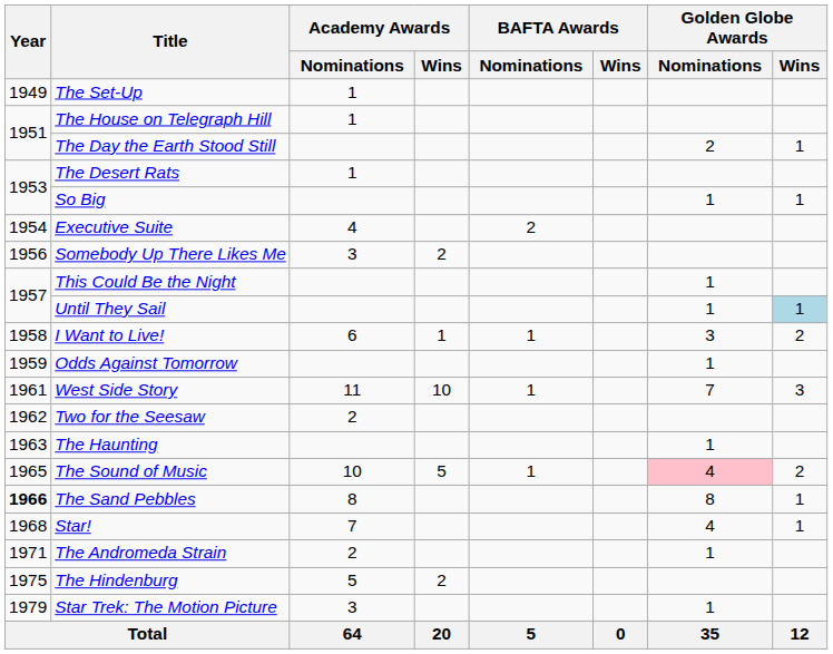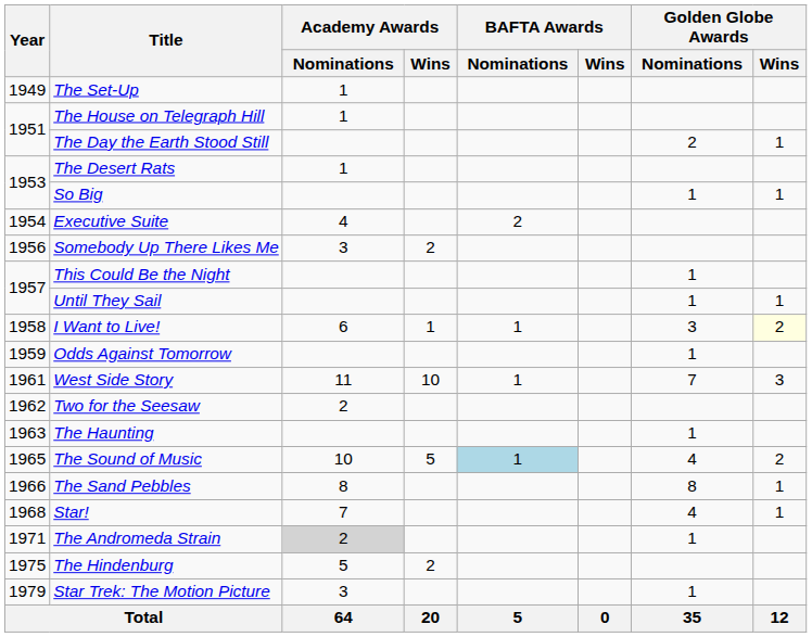 <table class="wikitable">
 <tr>
 <th rowspan="2">Year</th>
 <th rowspan="2">Title</th>
 <th colspan="2" style="text-align:center;" width=160>Academy Awards</th>
 <th colspan="2" style="text-align:center;" width=160>BAFTA Awards</th>
 <th colspan="2" style="text-align:center;" width=160>Golden Globe Awards</th>
 </tr>
 <tr>
 <th>Nominations</th>
 <th>Wins</th>
 <th>Nominations</th>
 <th>Wins</th>
 <th>Nominations</th>
 <th>Wins</th>
 </tr>
 <tr>
 <td>1949</td>
 <td><em><a href='#'>The Set-Up</a></em></td>
 <td align=center>1</td>
 <td></td>
 <td></td>
 <td></td>
 <td></td>
 <td></td>
 </tr>
 <tr>
 <td rowspan=2>1951</td>
 <td><em><a href='#'>The House on Telegraph Hill</a></em></td>
 <td align=center>1</td>
 <td></td>
 <td></td>
 <td></td>
 <td></td>
 <td></td>
 </tr>
 <tr>
 <td><em><a href='#'>The Day the Earth Stood Still</a></em></td>
 <td></td>
 <td></td>
 <td></td>
 <td></td>
 <td align=center>2</td>
 <td align=center>1</td>
 </tr>
 <tr>
 <td rowspan=2>1953</td>
 <td><em><a href='#'>The Desert Rats</a></em></td>
 <td align=center>1</td>
 <td></td>
 <td></td>
 <td></td>
 <td></td>
 <td></td>
 </tr>
 <tr>
 <td><em><a href='#'>So Big</a></em></td>
 <td></td>
 <td></td>
 <td></td>
 <td></td>
 <td align=center>1</td>
 <td align=center>1</td>
 </tr>
 <tr>
 <td>1954</td>
 <td><em><a href='#'>Executive Suite</a></em></td>
 <td align=center>4</td>
 <td align=center></td>
 <td align=center>2</td>
 <td align=center></td>
 <td align=center></td>
 <td align=center></td>
 </tr>
 <tr>
 <td>1956</td>
 <td><em><a href='#'>Somebody Up There Likes Me</a></em></td>
 <td align=center>3</td>
 <td align=center>2</td>
 <td></td>
 <td></td>
 <td></td>
 <td></td>
 </tr>
 <tr>
 <td rowspan=2>1957</td>
 <td><em><a href='#'>This Could Be the Night</a></em></td>
 <td></td>
 <td></td>
 <td></td>
 <td></td>
 <td align=center>1</td>
 <td></td>
 </tr>
 <tr>
 <td><em><a href='#'>Until They Sail</a></em></td>
 <td></td>
 <td></td>
 <td></td>
 <td></td>
 <td align=center>1</td>
-<td align=center style="background: lightblue;">1</td>
+<td align=center>1</td>
 </tr>
 <tr>
 <td>1958</td>
 <td><em><a href='#'>I Want to Live!</a></em></td>
 <td align=center>6</td>
 <td align=center>1</td>
 <td align=center>1</td>
 <td></td>
 <td align=center>3</td>
-<td align=center>2</td>
+<td align=center style="background: lightyellow;">2</td>
 </tr>
 <tr>
 <td>1959</td>
 <td><em><a href='#'>Odds Against Tomorrow</a></em></td>
 <td></td>
 <td></td>
 <td></td>
 <td></td>
 <td align=center>1</td>
 <td></td>
 </tr>
 <tr>
 <td>1961</td>
 <td><em><a href='#'>West Side Story</a></em></td>
 <td align=center>11</td>
 <td align=center>10</td>
 <td align=center>1</td>
 <td align=center></td>
 <td align=center>7</td>
 <td align=center>3</td>
 </tr>
 <tr>
 <td>1962</td>
 <td><em><a href='#'>Two for the Seesaw</a></em></td>
 <td align=center>2</td>
 <td></td>
 <td></td>
 <td></td>
 <td></td>
 <td></td>
 </tr>
 <tr>
 <td>1963</td>
 <td><em><a href='#'>The Haunting</a></em></td>
 <td></td>
 <td></td>
 <td></td>
 <td></td>
 <td align=center>1</td>
 <td></td>
 </tr>
 <tr>
 <td>1965</td>
 <td><em><a href='#'>The Sound of Music</a></em></td>
 <td align=center>10</td>
 <td align=center>5</td>
-<td align=center>1</td>
+<td align=center style="background: lightblue;">1</td>
 <td></td>
-<td align=center style="background: pink;">4</td>
+<td align=center>4</td>
 <td align=center>2</td>
 </tr>
 <tr>
-<td><strong>1966</strong></td>
+<td>1966</td>
 <td><em><a href='#'>The Sand Pebbles</a></em></td>
 <td align=center>8</td>
 <td></td>
 <td></td>
 <td></td>
 <td align=center>8</td>
 <td align=center>1</td>
 </tr>
 <tr>
 <td>1968</td>
 <td><em><a href='#'>Star!</a></em></td>
 <td align=center>7</td>
 <td></td>
 <td></td>
 <td></td>
 <td align=center>4</td>
 <td align=center>1</td>
 </tr>
 <tr>
 <td>1971</td>
 <td><em><a href='#'>The Andromeda Strain</a></em></td>
-<td align=center>2</td>
+<td align=center style="background: lightgrey;">2</td>
 <td></td>
 <td></td>
 <td></td>
 <td align=center>1</td>
 <td></td>
 </tr>
 <tr>
 <td>1975</td>
 <td><em><a href='#'>The Hindenburg</a></em></td>
 <td align=center>5</td>
 <td align=center>2</td>
 <td></td>
 <td></td>
 <td></td>
 <td></td>
 </tr>
 <tr>
 <td>1979</td>
 <td><em><a href='#'>Star Trek: The Motion Picture</a></em></td>
 <td align=center>3</td>
 <td></td>
 <td></td>
 <td></td>
 <td align=center>1</td>
 <td></td>
 </tr>
 <tr>
 <th colspan="2">Total</th>
 <th align=center>64</th>
 <th align=center>20</th>
 <th align=center>5</th>
 <th align=center>0</th>
 <th align=center>35</th>
 <th align=center>12</th>
 </tr>
 </table>
